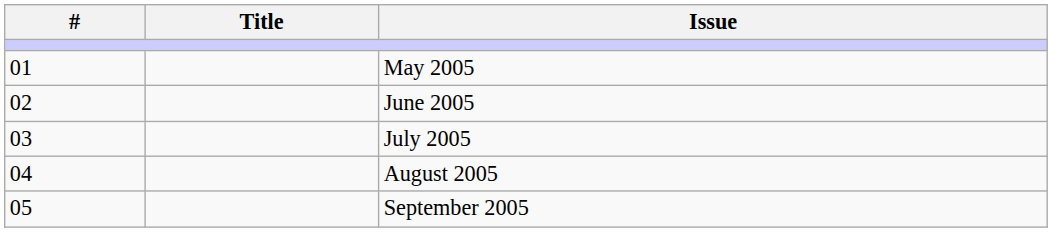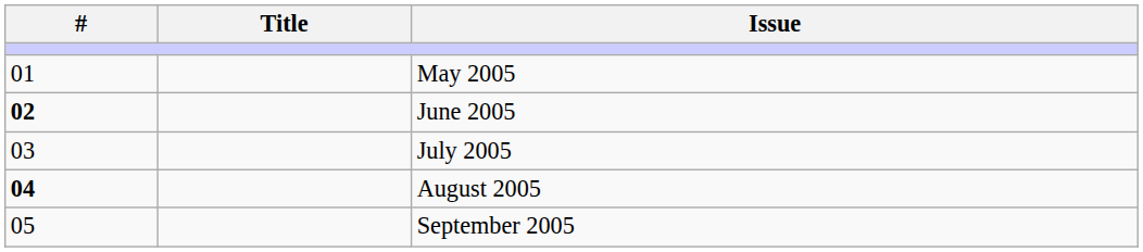 <table class="wikitable" width="85%">
 <tr>
 <th>#</th>
 <th>Title</th>
 <th>Issue</th>
 </tr>
 <tr>
 <td colspan="5" bgcolor="#CCCCFF"></td>
 </tr>
 <tr>
 <td>01</td>
 <td></td>
 <td>May 2005</td>
 </tr>
 <tr>
-<td>02</td>
+<td><strong>02</strong></td>
 <td></td>
 <td>June 2005</td>
 </tr>
 <tr>
 <td>03</td>
 <td></td>
 <td>July 2005</td>
 </tr>
 <tr>
-<td>04</td>
+<td><strong>04</strong></td>
 <td></td>
 <td>August 2005</td>
 </tr>
 <tr>
 <td>05</td>
 <td></td>
 <td>September 2005</td>
 </tr>
 </table>
